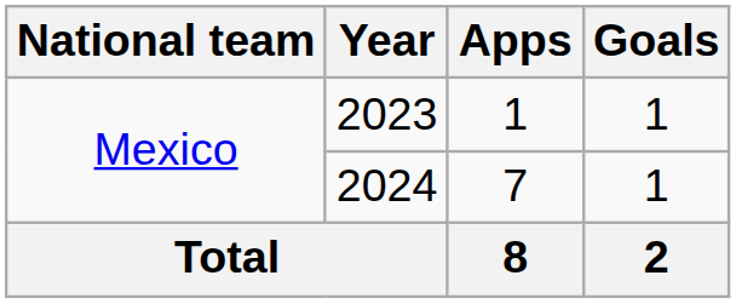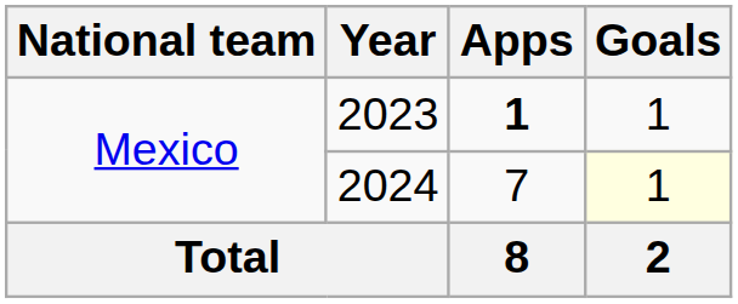 <table class="wikitable" style="text-align:center">
 <tr>
 <th>National team</th>
 <th>Year</th>
 <th>Apps</th>
 <th>Goals</th>
 </tr>
 <tr>
 <td rowspan="2"><a href='#'>Mexico</a></td>
 <td>2023</td>
-<td>1</td>
+<td><strong>1</strong></td>
 <td>1</td>
 </tr>
 <tr>
 <td>2024</td>
 <td>7</td>
-<td>1</td>
+<td style="background: lightyellow;">1</td>
 </tr>
 <tr>
 <th colspan="2">Total</th>
 <th>8</th>
 <th>2</th>
 </tr>
 </table>
